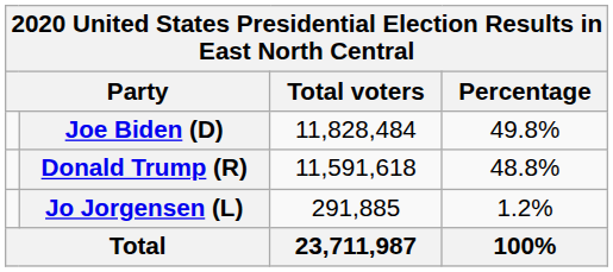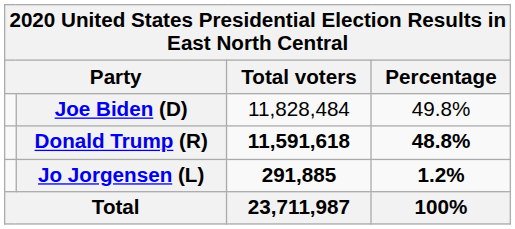 <table class="wikitable" style="align:left">
 <tr>
 <th colspan="6">2020 United States Presidential Election Results in<br>East North Central</th>
 </tr>
 <tr>
 <th colspan="2">Party</th>
 <th>Total voters</th>
 <th>Percentage</th>
 </tr>
 <tr>
 <td></td>
 <th><a href='#'>Joe Biden</a> (D)</th>
 <td align="center">11,828,484</td>
 <td align="center">49.8%</td>
 </tr>
 <tr>
 <td></td>
 <th><a href='#'>Donald Trump</a> (R)</th>
-<td align="center">11,591,618</td>
-<td align="center">48.8%</td>
+<td align="center"><strong>11,591,618</strong></td>
+<td align="center"><strong>48.8%</strong></td>
 </tr>
 <tr>
 <td></td>
 <th><a href='#'>Jo Jorgensen</a> (L)</th>
-<td align="center">291,885</td>
-<td align="center">1.2%</td>
+<td align="center"><strong>291,885</strong></td>
+<td align="center"><strong>1.2%</strong></td>
 </tr>
 <tr>
 <th colspan="2">Total</th>
 <th align="center">23,711,987</th>
 <th align="center">100%</th>
 </tr>
 </table>
